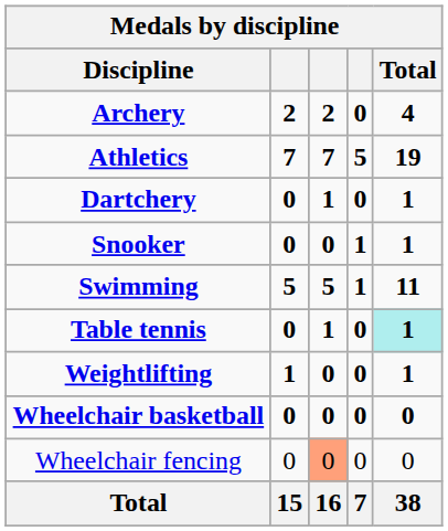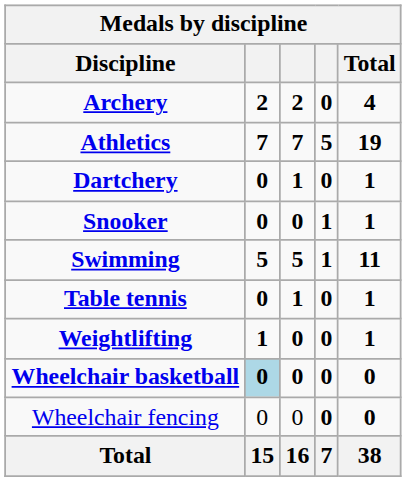 <table class="wikitable"  style="font-size:85%; float:right;">
 <tr style="background:#efefef;">
 <th colspan=6>Medals by discipline</th>
 </tr>
 <tr style="text-align:center;">
 <th>Discipline</th>
 <th></th>
 <th></th>
 <th></th>
 <th>Total</th>
 </tr>
 <tr style="text-align:center; font-weight:bold;">
 <td><a href='#'>Archery</a></td>
 <td>2</td>
 <td>2</td>
 <td>0</td>
 <td>4</td>
 </tr>
 <tr style="text-align:center; font-weight:bold;">
 <td><a href='#'>Athletics</a></td>
 <td>7</td>
 <td>7</td>
 <td>5</td>
 <td>19</td>
 </tr>
 <tr style="text-align:center; font-weight:bold;">
 <td><a href='#'>Dartchery</a></td>
 <td>0</td>
 <td>1</td>
 <td>0</td>
 <td>1</td>
 </tr>
 <tr style="text-align:center; font-weight:bold;">
 <td><a href='#'>Snooker</a></td>
 <td>0</td>
 <td>0</td>
 <td>1</td>
 <td>1</td>
 </tr>
 <tr style="text-align:center; font-weight:bold;">
 <td><a href='#'>Swimming</a></td>
 <td>5</td>
 <td>5</td>
 <td>1</td>
 <td>11</td>
 </tr>
 <tr style="text-align:center; font-weight:bold;">
 <td><a href='#'>Table tennis</a></td>
 <td>0</td>
 <td>1</td>
 <td>0</td>
-<td style="background: paleturquoise;">1</td>
+<td>1</td>
 </tr>
 <tr style="text-align:center; font-weight:bold;">
 <td><a href='#'>Weightlifting</a></td>
 <td>1</td>
 <td>0</td>
 <td>0</td>
 <td>1</td>
 </tr>
 <tr style="text-align:center; font-weight:bold;">
 <td><a href='#'>Wheelchair basketball</a></td>
-<td>0</td>
+<td style="background: lightblue;">0</td>
 <td>0</td>
 <td>0</td>
 <td>0</td>
 </tr>
 <tr style="text-align:center; ">
 <td><a href='#'>Wheelchair fencing</a></td>
 <td>0</td>
-<td style="background: lightsalmon;">0</td>
 <td>0</td>
-<td>0</td>
+<td><strong>0</strong></td>
+<td><strong>0</strong></td>
 </tr>
 <tr style="text-align:center;">
 <th>Total</th>
 <th>15</th>
 <th>16</th>
 <th>7</th>
 <th>38</th>
 </tr>
 </table>
